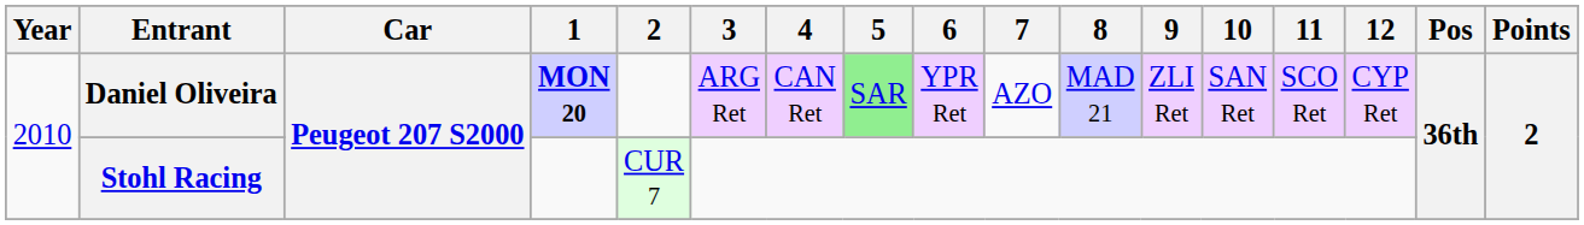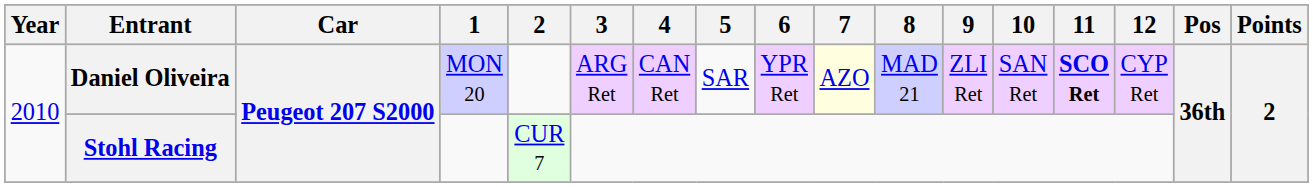 <table class="wikitable" style="text-align:center; font-size:85%;">
 <tr>
 <th>Year</th>
 <th>Entrant</th>
 <th>Car</th>
 <th>1</th>
 <th>2</th>
 <th>3</th>
 <th>4</th>
 <th>5</th>
 <th>6</th>
 <th>7</th>
 <th>8</th>
 <th>9</th>
 <th>10</th>
 <th>11</th>
 <th>12</th>
 <th>Pos</th>
 <th>Points</th>
 </tr>
 <tr>
 <td rowspan="2"><a href='#'>2010</a></td>
 <th nowrap> Daniel Oliveira</th>
 <th rowspan="2" nowrap><a href='#'>Peugeot 207 S2000</a></th>
-<td style="background:#cfcfff;"><strong><a href='#'>MON</a><br><small>20</small></strong></td>
+<td style="background:#cfcfff;"><a href='#'>MON</a><br><small>20</small></td>
 <td></td>
 <td style="background:#efcfff;"><a href='#'>ARG</a><br><small>Ret</small></td>
 <td style="background:#efcfff;"><a href='#'>CAN</a><br><small>Ret</small></td>
-<td style="background: lightgreen;"><a href='#'>SAR</a></td>
+<td><a href='#'>SAR</a></td>
 <td style="background:#efcfff;"><a href='#'>YPR</a><br><small>Ret</small></td>
-<td><a href='#'>AZO</a></td>
+<td style="background: lightyellow;"><a href='#'>AZO</a></td>
 <td style="background:#cfcfff;"><a href='#'>MAD</a><br><small>21</small></td>
 <td style="background:#efcfff;"><a href='#'>ZLI</a><br><small>Ret</small></td>
 <td style="background:#efcfff;"><a href='#'>SAN</a><br><small>Ret</small></td>
-<td style="background:#efcfff;"><a href='#'>SCO</a><br><small>Ret</small></td>
+<td style="background:#efcfff;"><strong><a href='#'>SCO</a><br><small>Ret</small></strong></td>
 <td style="background:#efcfff;"><a href='#'>CYP</a><br><small>Ret</small></td>
 <th rowspan="2">36th</th>
 <th rowspan="2">2</th>
 </tr>
 <tr>
 <th nowrap> <a href='#'>Stohl Racing</a></th>
 <td></td>
 <td style="background:#dfffdf;"><a href='#'>CUR</a><br><small>7</small></td>
 <td colspan=10></td>
 </tr>
 </table>
